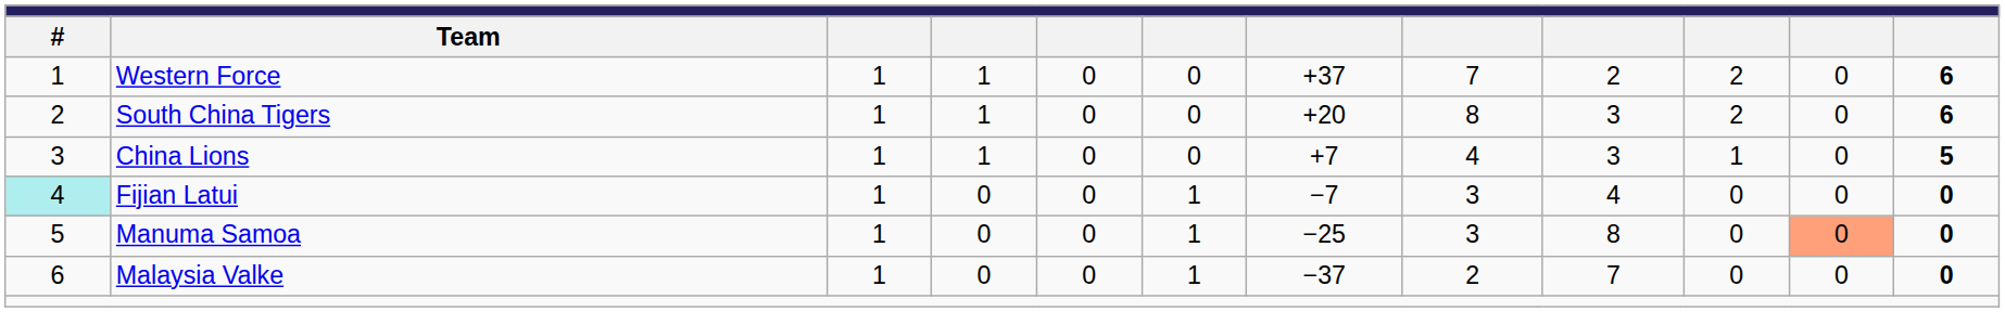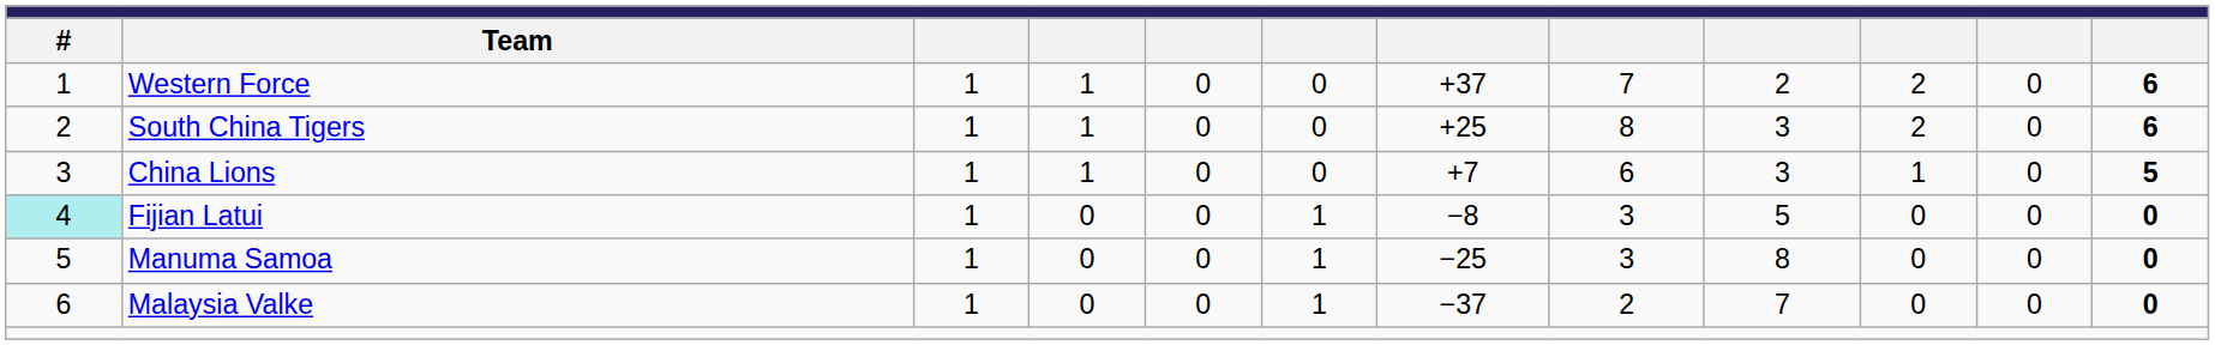 <table class="wikitable" style="width:80%; text-align:center">
 <tr>
 <th colspan="100%" style="background:#242060;"><a href='#'></a></th>
 </tr>
 <tr>
 <th style="width:1em;">#</th>
 <th style="width:9.5em;">Team</th>
 <th style="width:1em;"></th>
 <th style="width:1em;"></th>
 <th style="width:1em;"></th>
 <th style="width:1em;"> </th>
 <th style="width:1.5em;"></th>
 <th style="width:1.5em;"></th>
 <th style="width:1.5em;"></th>
 <th style="width:1em;"></th>
 <th style="width:1em;"></th>
 <th style="width:1em;"><br></th>
 </tr>
 <tr>
 <td>1</td>
 <td style="text-align:left;"> <a href='#'>Western Force</a></td>
 <td>1</td>
 <td>1</td>
 <td>0</td>
 <td>0</td>
 <td>  +37</td>
 <td>7</td>
 <td>2</td>
 <td>2</td>
 <td>0</td>
 <td><strong>6</strong></td>
 </tr>
 <tr>
 <td>2</td>
 <td style="text-align:left;"> <a href='#'>South China Tigers</a></td>
 <td>1</td>
 <td>1</td>
 <td>0</td>
 <td>0</td>
-<td>  +20</td>
+<td>  +25</td>
 <td>8</td>
 <td>3</td>
 <td>2</td>
 <td>0</td>
 <td><strong>6</strong></td>
 </tr>
 <tr>
 <td>3</td>
 <td style="text-align:left;"> <a href='#'>China Lions</a></td>
 <td>1</td>
 <td>1</td>
 <td>0</td>
 <td>0</td>
 <td>  +7</td>
-<td>4</td>
+<td>6</td>
 <td>3</td>
 <td>1</td>
 <td>0</td>
 <td><strong>5</strong></td>
 </tr>
 <tr>
 <td style="background: paleturquoise;">4</td>
 <td style="text-align:left;"> <a href='#'>Fijian Latui</a></td>
 <td>1</td>
 <td>0</td>
 <td>0</td>
 <td>1</td>
-<td>  −7</td>
+<td>  −8</td>
 <td>3</td>
-<td>4</td>
+<td>5</td>
 <td>0</td>
 <td>0</td>
 <td><strong>0</strong></td>
 </tr>
 <tr>
 <td>5</td>
 <td style="text-align:left;"> <a href='#'>Manuma Samoa</a></td>
 <td>1</td>
 <td>0</td>
 <td>0</td>
 <td>1</td>
 <td> −25</td>
 <td>3</td>
 <td>8</td>
 <td>0</td>
-<td style="background: lightsalmon;">0</td>
+<td>0</td>
 <td><strong>0</strong></td>
 </tr>
 <tr>
 <td>6</td>
 <td style="text-align:left;"> <a href='#'>Malaysia Valke</a></td>
 <td>1</td>
 <td>0</td>
 <td>0</td>
 <td>1</td>
 <td> −37</td>
 <td>2</td>
 <td>7</td>
 <td>0</td>
 <td>0</td>
 <td><strong>0</strong></td>
 </tr>
 <tr>
 <td colspan="100%" style="border:0;"></td>
 </tr>
 </table>
